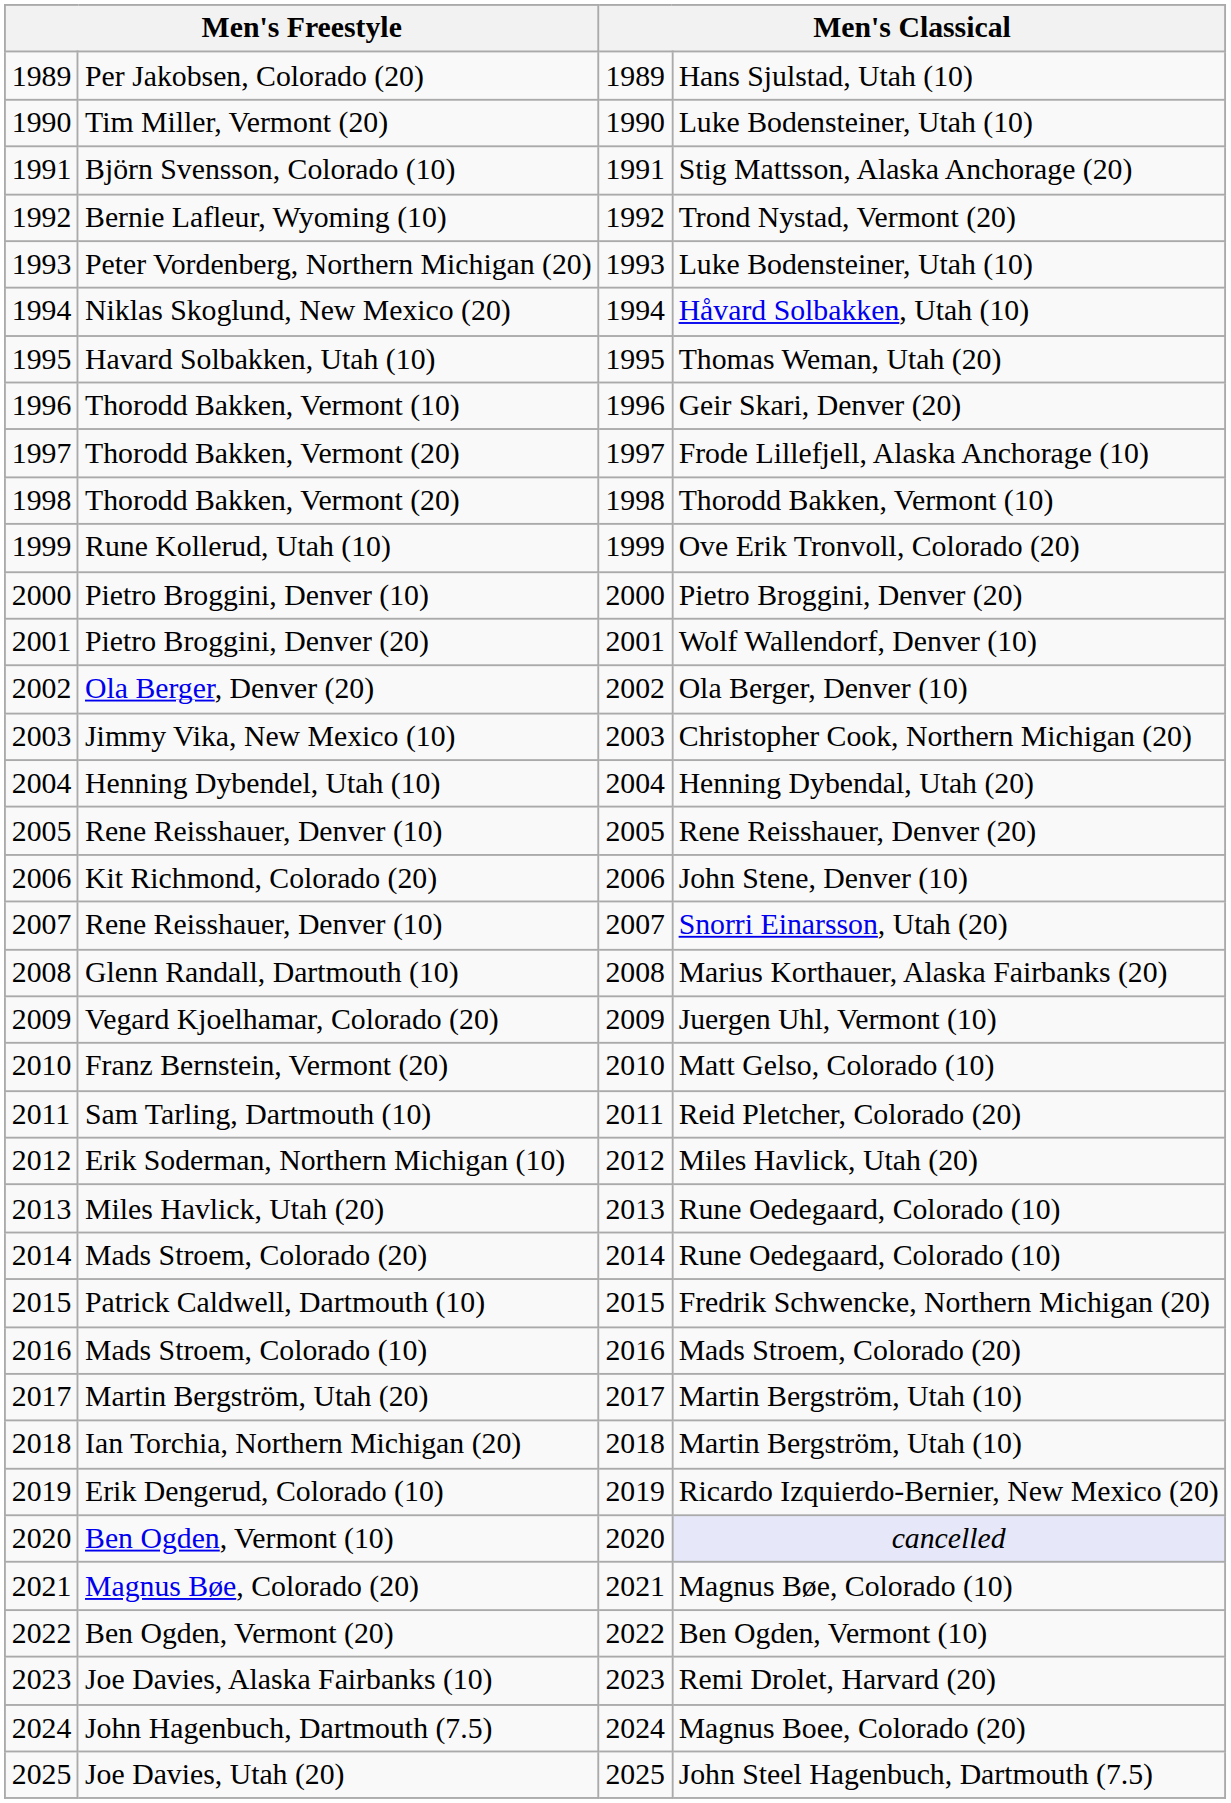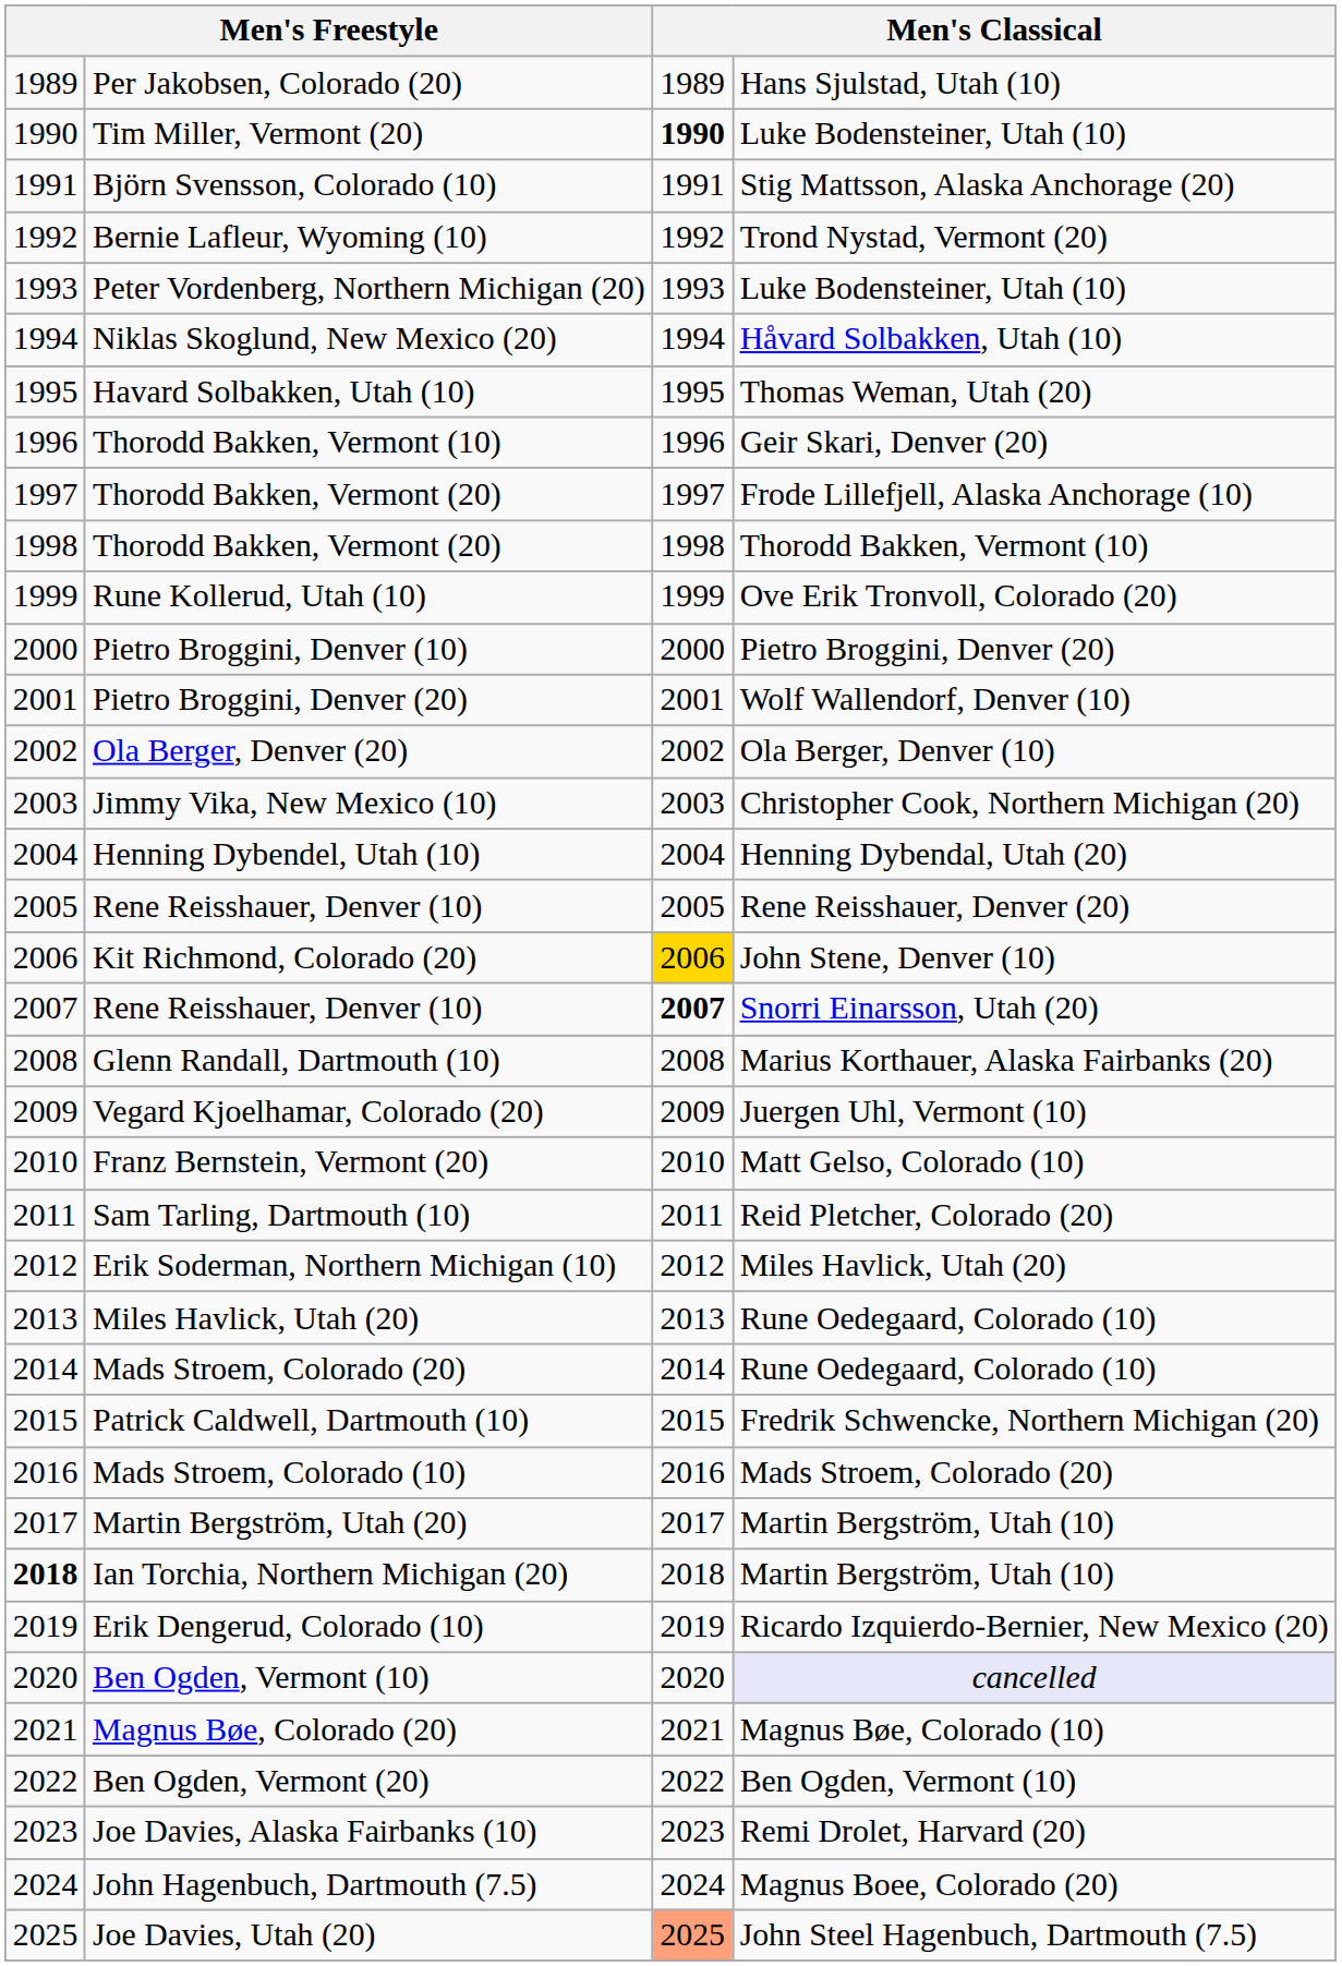 <table class="wikitable">
 <tr>
 <th colspan="2">Men's Freestyle</th>
 <th colspan="2">Men's Classical</th>
 </tr>
 <tr>
 <td>1989</td>
 <td>Per Jakobsen, Colorado (20)</td>
 <td>1989</td>
 <td>Hans Sjulstad, Utah (10)</td>
 </tr>
 <tr>
 <td>1990</td>
 <td>Tim Miller, Vermont (20)</td>
-<td>1990</td>
+<td><strong>1990</strong></td>
 <td>Luke Bodensteiner, Utah (10)</td>
 </tr>
 <tr>
 <td>1991</td>
 <td>Björn Svensson, Colorado (10)</td>
 <td>1991</td>
 <td>Stig Mattsson, Alaska Anchorage (20)</td>
 </tr>
 <tr>
 <td>1992</td>
 <td>Bernie Lafleur, Wyoming (10)</td>
 <td>1992</td>
 <td>Trond Nystad, Vermont (20)</td>
 </tr>
 <tr>
 <td>1993</td>
 <td>Peter Vordenberg, Northern Michigan (20)</td>
 <td>1993</td>
 <td>Luke Bodensteiner, Utah (10)</td>
 </tr>
 <tr>
 <td>1994</td>
 <td>Niklas Skoglund, New Mexico (20)</td>
 <td>1994</td>
 <td><a href='#'>Håvard Solbakken</a>, Utah (10)</td>
 </tr>
 <tr>
 <td>1995</td>
 <td>Havard Solbakken, Utah (10)</td>
 <td>1995</td>
 <td>Thomas Weman, Utah (20)</td>
 </tr>
 <tr>
 <td>1996</td>
 <td>Thorodd Bakken, Vermont (10)</td>
 <td>1996</td>
 <td>Geir Skari, Denver (20)</td>
 </tr>
 <tr>
 <td>1997</td>
 <td>Thorodd Bakken, Vermont (20)</td>
 <td>1997</td>
 <td>Frode Lillefjell, Alaska Anchorage (10)</td>
 </tr>
 <tr>
 <td>1998</td>
 <td>Thorodd Bakken, Vermont (20)</td>
 <td>1998</td>
 <td>Thorodd Bakken, Vermont (10)</td>
 </tr>
 <tr>
 <td>1999</td>
 <td>Rune Kollerud, Utah (10)</td>
 <td>1999</td>
 <td>Ove Erik Tronvoll, Colorado (20)</td>
 </tr>
 <tr>
 <td>2000</td>
 <td>Pietro Broggini, Denver (10)</td>
 <td>2000</td>
 <td>Pietro Broggini, Denver (20)</td>
 </tr>
 <tr>
 <td>2001</td>
 <td>Pietro Broggini, Denver (20)</td>
 <td>2001</td>
 <td>Wolf Wallendorf, Denver (10)</td>
 </tr>
 <tr>
 <td>2002</td>
 <td><a href='#'>Ola Berger</a>, Denver (20)</td>
 <td>2002</td>
 <td>Ola Berger, Denver (10)</td>
 </tr>
 <tr>
 <td>2003</td>
 <td>Jimmy Vika, New Mexico (10)</td>
 <td>2003</td>
 <td>Christopher Cook, Northern Michigan (20)</td>
 </tr>
 <tr>
 <td>2004</td>
 <td>Henning Dybendel, Utah (10)</td>
 <td>2004</td>
 <td>Henning Dybendal, Utah (20)</td>
 </tr>
 <tr>
 <td>2005</td>
 <td>Rene Reisshauer, Denver (10)</td>
 <td>2005</td>
 <td>Rene Reisshauer, Denver (20)</td>
 </tr>
 <tr>
 <td>2006</td>
 <td>Kit Richmond, Colorado (20)</td>
-<td>2006</td>
+<td style="background: gold;">2006</td>
 <td>John Stene, Denver (10)</td>
 </tr>
 <tr>
 <td>2007</td>
 <td>Rene Reisshauer, Denver (10)</td>
-<td>2007</td>
+<td><strong>2007</strong></td>
 <td><a href='#'>Snorri Einarsson</a>, Utah (20)</td>
 </tr>
 <tr>
 <td>2008</td>
 <td>Glenn Randall, Dartmouth (10)</td>
 <td>2008</td>
 <td>Marius Korthauer, Alaska Fairbanks (20)</td>
 </tr>
 <tr>
 <td>2009</td>
 <td>Vegard Kjoelhamar, Colorado (20)</td>
 <td>2009</td>
 <td>Juergen Uhl, Vermont (10)</td>
 </tr>
 <tr>
 <td>2010</td>
 <td>Franz Bernstein, Vermont (20)</td>
 <td>2010</td>
 <td>Matt Gelso, Colorado (10)</td>
 </tr>
 <tr>
 <td>2011</td>
 <td>Sam Tarling, Dartmouth (10)</td>
 <td>2011</td>
 <td>Reid Pletcher, Colorado (20)</td>
 </tr>
 <tr>
 <td>2012</td>
 <td>Erik Soderman, Northern Michigan (10)</td>
 <td>2012</td>
 <td>Miles Havlick, Utah (20)</td>
 </tr>
 <tr>
 <td>2013</td>
 <td>Miles Havlick, Utah (20)</td>
 <td>2013</td>
 <td>Rune Oedegaard, Colorado (10)</td>
 </tr>
 <tr>
 <td>2014</td>
 <td>Mads Stroem, Colorado (20)</td>
 <td>2014</td>
 <td>Rune Oedegaard, Colorado (10)</td>
 </tr>
 <tr>
 <td>2015</td>
 <td>Patrick Caldwell, Dartmouth (10)</td>
 <td>2015</td>
 <td>Fredrik Schwencke, Northern Michigan (20)</td>
 </tr>
 <tr>
 <td>2016</td>
 <td>Mads Stroem, Colorado (10)</td>
 <td>2016</td>
 <td>Mads Stroem, Colorado (20)</td>
 </tr>
 <tr>
 <td>2017</td>
 <td>Martin Bergström, Utah (20)</td>
 <td>2017</td>
 <td>Martin Bergström, Utah (10)</td>
 </tr>
 <tr>
-<td>2018</td>
+<td><strong>2018</strong></td>
 <td>Ian Torchia, Northern Michigan (20)</td>
 <td>2018</td>
 <td>Martin Bergström, Utah (10)</td>
 </tr>
 <tr>
 <td>2019</td>
 <td>Erik Dengerud, Colorado (10)</td>
 <td>2019</td>
 <td>Ricardo Izquierdo-Bernier, New Mexico (20)</td>
 </tr>
 <tr>
 <td>2020</td>
 <td><a href='#'>Ben Ogden</a>, Vermont (10)</td>
 <td>2020</td>
 <td align=center bgcolor="E6E8FA"><em>cancelled</em></td>
 </tr>
 <tr>
 <td>2021</td>
 <td><a href='#'>Magnus Bøe</a>, Colorado (20)</td>
 <td>2021</td>
 <td>Magnus Bøe, Colorado (10)</td>
 </tr>
 <tr>
 <td>2022</td>
 <td>Ben Ogden, Vermont (20)</td>
 <td>2022</td>
 <td>Ben Ogden, Vermont (10)</td>
 </tr>
 <tr>
 <td>2023</td>
 <td>Joe Davies, Alaska Fairbanks (10)</td>
 <td>2023</td>
 <td>Remi Drolet, Harvard (20)</td>
 </tr>
 <tr>
 <td>2024</td>
 <td>John Hagenbuch, Dartmouth (7.5)</td>
 <td>2024</td>
 <td>Magnus Boee, Colorado (20)</td>
 </tr>
 <tr>
 <td>2025</td>
 <td>Joe Davies, Utah (20)</td>
-<td>2025</td>
+<td style="background: lightsalmon;">2025</td>
 <td>John Steel Hagenbuch, Dartmouth (7.5)</td>
 </tr>
 </table>
